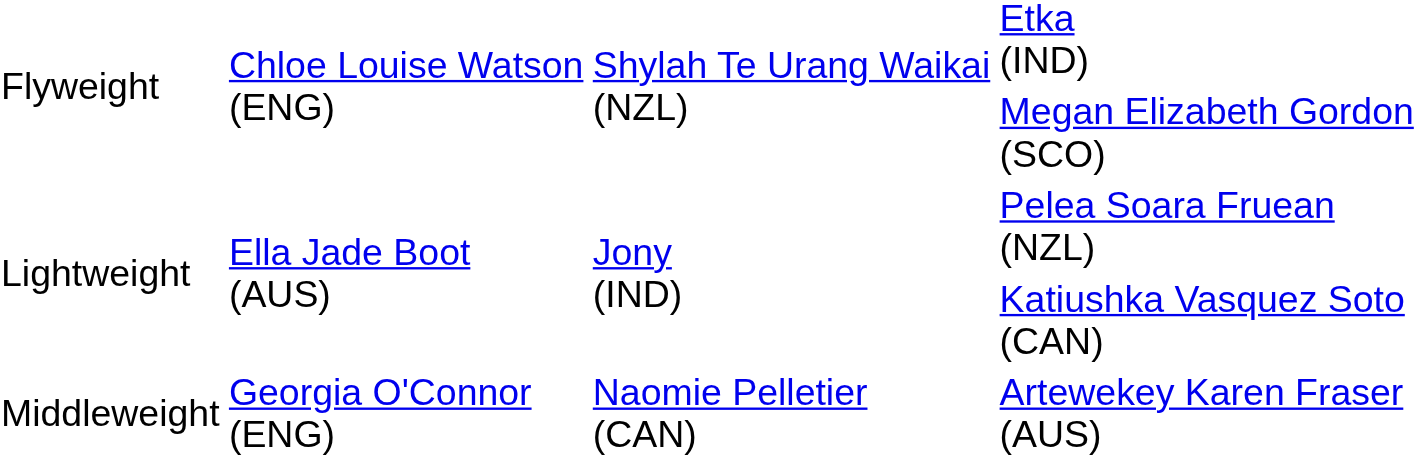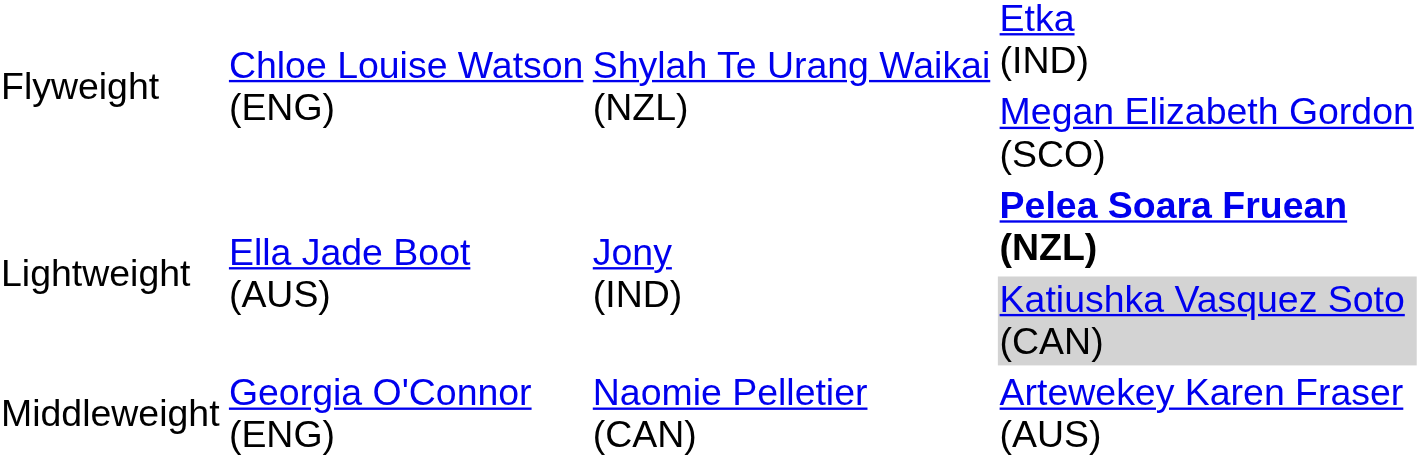 <table>
 <tr>
 <td rowspan=2>Flyweight</td>
 <td rowspan=2><a href='#'>Chloe Louise Watson</a><br> (ENG)</td>
 <td rowspan=2><a href='#'>Shylah Te Urang Waikai</a><br> (NZL)</td>
 <td><a href='#'>Etka</a><br> (IND)</td>
 </tr>
 <tr>
 <td><a href='#'>Megan Elizabeth Gordon</a><br> (SCO)</td>
 </tr>
 <tr>
 <td rowspan=2>Lightweight</td>
 <td rowspan=2><a href='#'>Ella Jade Boot</a><br> (AUS)</td>
 <td rowspan=2><a href='#'>Jony</a><br> (IND)</td>
-<td><a href='#'>Pelea Soara Fruean</a><br> (NZL)</td>
+<td><strong><a href='#'>Pelea Soara Fruean</a><br> (NZL)</strong></td>
 </tr>
 <tr>
-<td><a href='#'>Katiushka Vasquez Soto</a><br> (CAN)</td>
+<td style="background: lightgrey;"><a href='#'>Katiushka Vasquez Soto</a><br> (CAN)</td>
 </tr>
 <tr>
 <td rowspan=2>Middleweight</td>
 <td rowspan=2><a href='#'>Georgia O'Connor</a><br> (ENG)</td>
 <td rowspan=2><a href='#'>Naomie Pelletier</a><br> (CAN)</td>
 <td rowspan=2><a href='#'>Artewekey Karen Fraser</a><br> (AUS)</td>
 </tr>
 </table>
